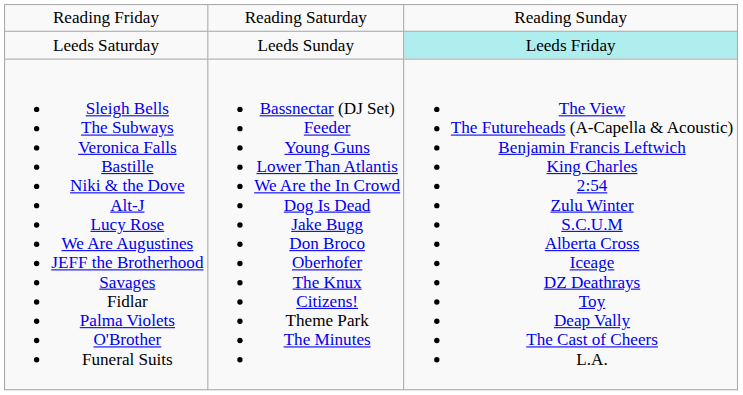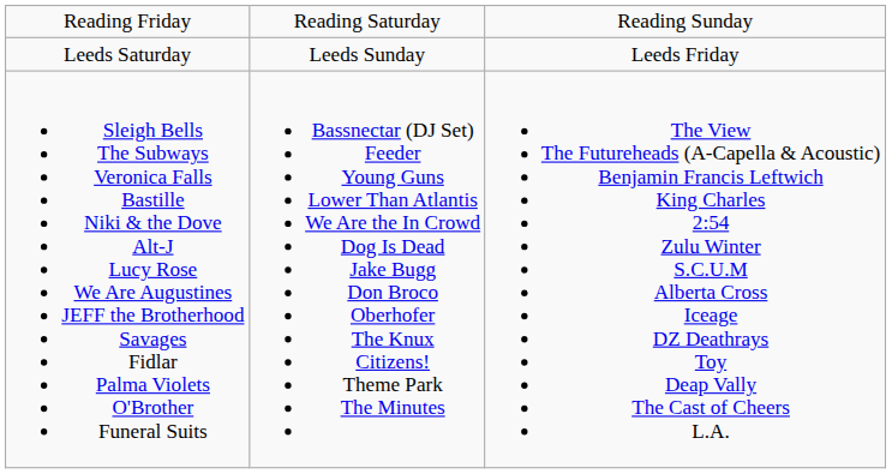 <table class="wikitable plainrowheaders" style="text-align:center;">
 <tr>
 <td>Reading Friday</td>
 <td>Reading Saturday</td>
 <td>Reading Sunday</td>
 </tr>
 <tr>
 <td>Leeds Saturday</td>
 <td>Leeds Sunday</td>
-<td style="background: paleturquoise;">Leeds Friday</td>
+<td>Leeds Friday</td>
 </tr>
 <tr>
 <td><br><ul><li><a href='#'>Sleigh Bells</a></li><li><a href='#'>The Subways</a></li><li><a href='#'>Veronica Falls</a></li><li><a href='#'>Bastille</a></li><li><a href='#'>Niki & the Dove</a></li><li><a href='#'>Alt-J</a></li><li><a href='#'>Lucy Rose</a></li><li><a href='#'>We Are Augustines</a></li><li><a href='#'>JEFF the Brotherhood</a></li><li><a href='#'>Savages</a></li><li>Fidlar</li><li><a href='#'>Palma Violets</a></li><li><a href='#'>O'Brother</a></li><li>Funeral Suits</li></ul></td>
 <td><br><ul><li><a href='#'>Bassnectar</a> (DJ Set)</li><li><a href='#'>Feeder</a></li><li><a href='#'>Young Guns</a></li><li><a href='#'>Lower Than Atlantis</a></li><li><a href='#'>We Are the In Crowd</a></li><li><a href='#'>Dog Is Dead</a></li><li><a href='#'>Jake Bugg</a></li><li><a href='#'>Don Broco</a></li><li><a href='#'>Oberhofer</a></li><li><a href='#'>The Knux</a></li><li><a href='#'>Citizens!</a></li><li>Theme Park</li><li><a href='#'>The Minutes</a></li><li></li></ul></td>
 <td><br><ul><li><a href='#'>The View</a></li><li><a href='#'>The Futureheads</a> (A-Capella & Acoustic)</li><li><a href='#'>Benjamin Francis Leftwich</a></li><li><a href='#'>King Charles</a></li><li><a href='#'>2:54</a></li><li><a href='#'>Zulu Winter</a></li><li><a href='#'>S.C.U.M</a></li><li><a href='#'>Alberta Cross</a></li><li><a href='#'>Iceage</a></li><li><a href='#'>DZ Deathrays</a></li><li><a href='#'>Toy</a></li><li><a href='#'>Deap Vally</a></li><li><a href='#'>The Cast of Cheers</a></li><li>L.A.</li></ul></td>
 </tr>
 </table>
